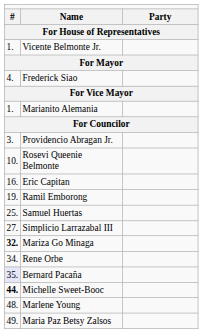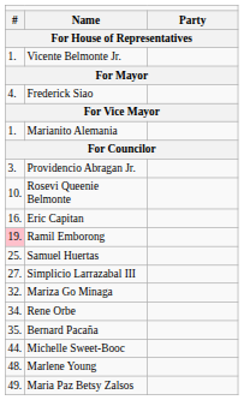 <table class=wikitable style="font-size:90%">
 <tr>
 <td colspan=4 bgcolor=></td>
 </tr>
 <tr>
 <th>#</th>
 <th width=150px>Name</th>
 <th colspan=2 width=110px>Party</th>
 </tr>
 <tr>
 <th colspan=5>For House of Representatives</th>
 </tr>
 <tr>
 <td>1.</td>
 <td>Vicente Belmonte Jr.</td>
 <td></td>
 </tr>
 <tr>
 <th colspan=5>For Mayor</th>
 </tr>
 <tr>
 <td>4.</td>
 <td>Frederick Siao</td>
 <td></td>
 </tr>
 <tr>
 <th colspan=5>For Vice Mayor</th>
 </tr>
 <tr>
 <td>1.</td>
 <td>Marianito Alemania</td>
 <td></td>
 </tr>
 <tr>
 <th colspan=5>For Councilor</th>
 </tr>
 <tr>
 <td>3.</td>
 <td>Providencio Abragan Jr.</td>
 <td></td>
 </tr>
 <tr>
 <td>10.</td>
 <td>Rosevi Queenie Belmonte</td>
 <td></td>
 </tr>
 <tr>
 <td>16.</td>
 <td>Eric Capitan</td>
 <td></td>
 </tr>
 <tr>
-<td>19.</td>
+<td style="background: pink;">19.</td>
 <td>Ramil Emborong</td>
 <td></td>
 </tr>
 <tr>
 <td>25.</td>
 <td>Samuel Huertas</td>
 <td></td>
 </tr>
 <tr>
 <td>27.</td>
 <td>Simplicio Larrazabal III</td>
 <td></td>
 </tr>
 <tr>
-<td><strong>32.</strong></td>
+<td>32.</td>
 <td>Mariza Go Minaga</td>
 <td></td>
 </tr>
 <tr>
 <td>34.</td>
 <td>Rene Orbe</td>
 <td></td>
 </tr>
 <tr>
-<td style="background: lavender;">35.</td>
+<td>35.</td>
 <td>Bernard Pacaña</td>
 <td></td>
 </tr>
 <tr>
-<td><strong>44.</strong></td>
+<td>44.</td>
 <td>Michelle Sweet-Booc</td>
 <td></td>
 </tr>
 <tr>
 <td>48.</td>
 <td>Marlene Young</td>
 <td></td>
 </tr>
 <tr>
 <td>49.</td>
 <td>Maria Paz Betsy Zalsos</td>
 <td></td>
 </tr>
 </table>
